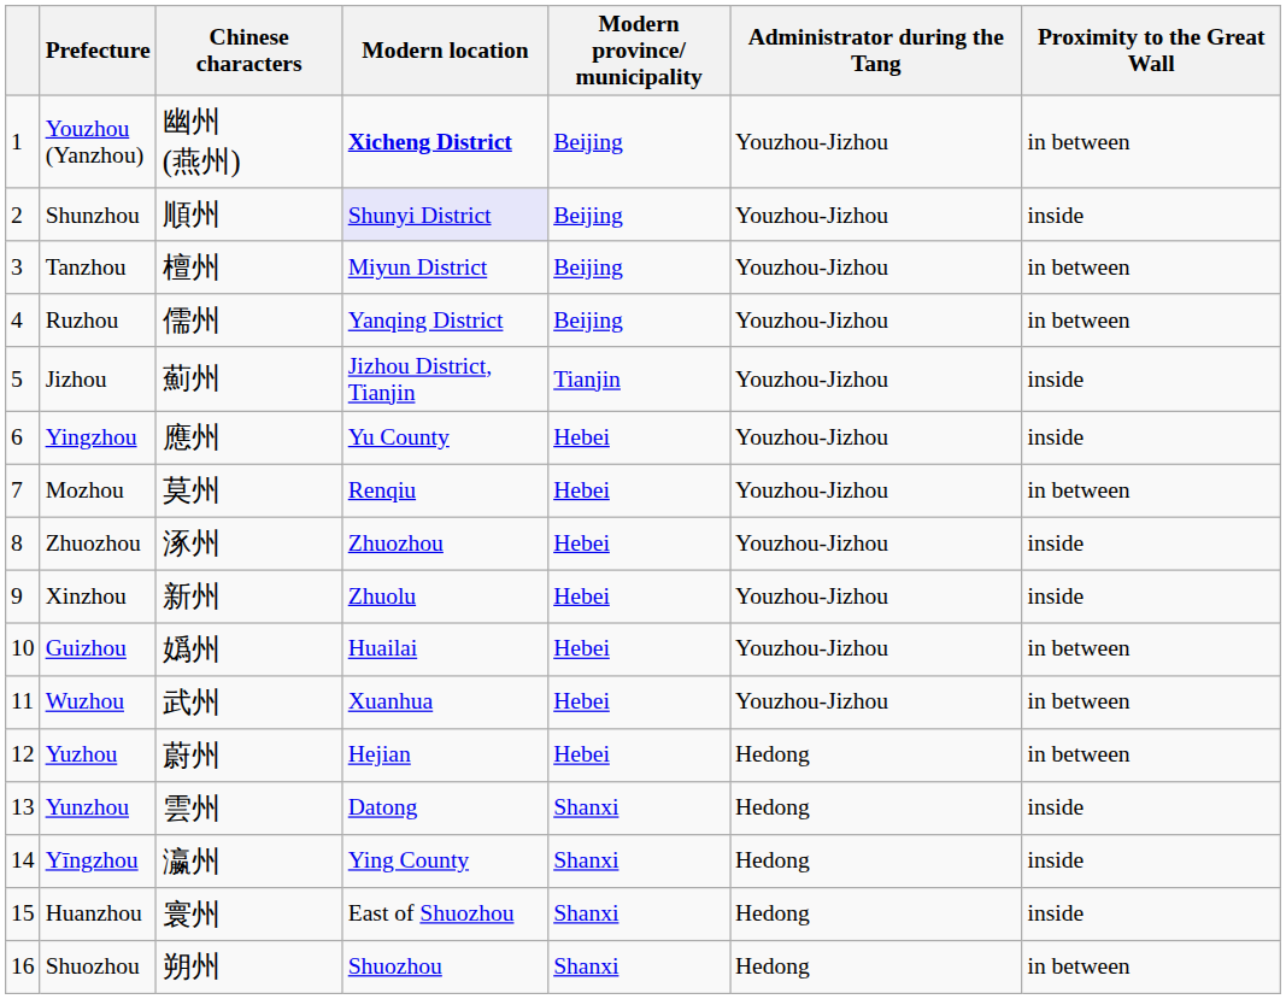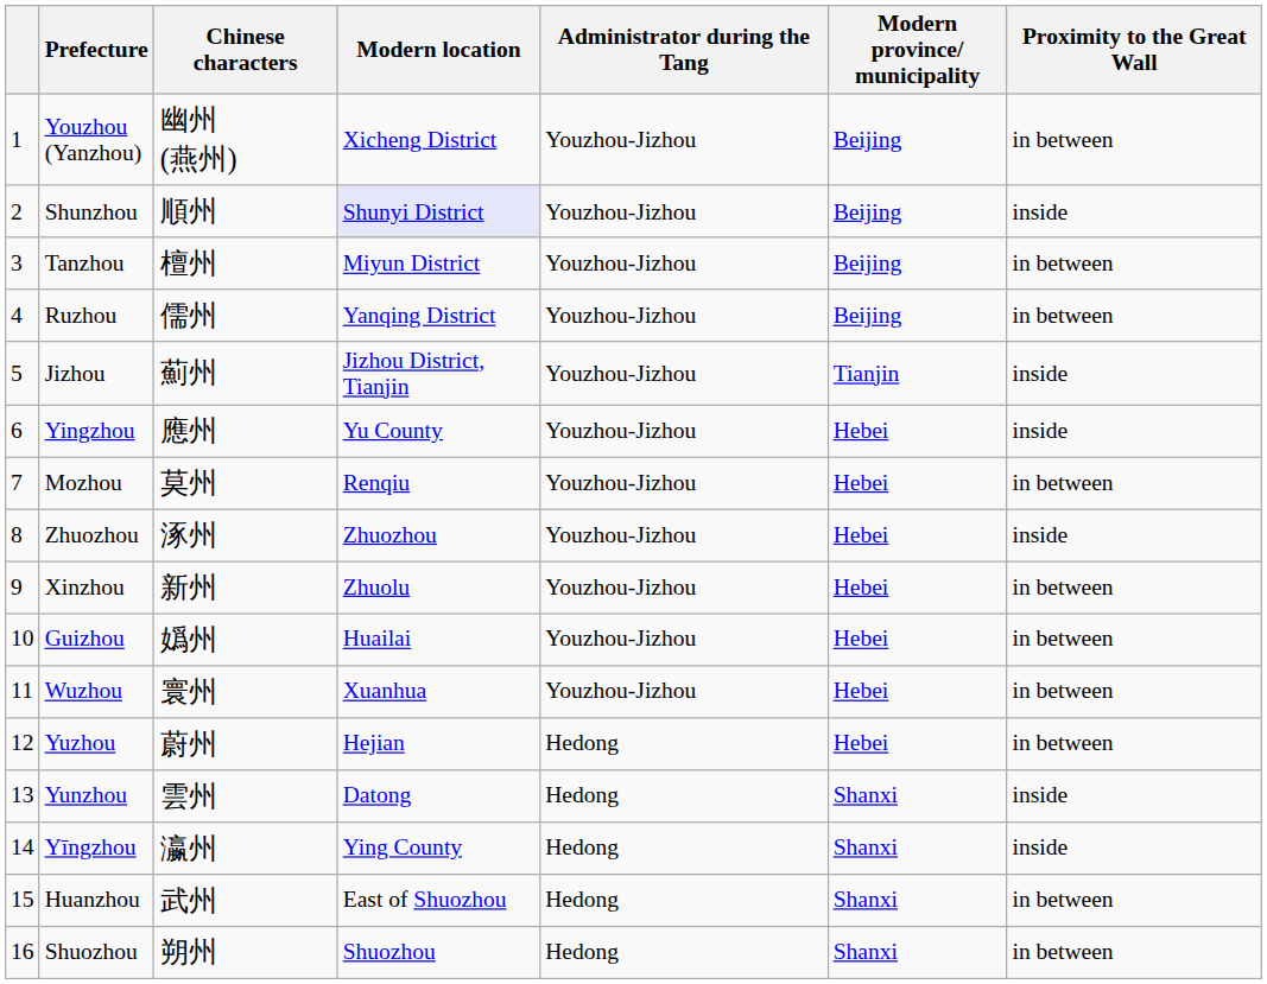 <table class="wikitable sortable" style="cell-padding:1.5;">
 <tr>
 <th></th>
 <th data-sort-type="text">Prefecture</th>
 <th>Chinese characters</th>
 <th>Modern location</th>
+<th>Administrator during the Tang</th>
 <th>Modern province/<br>municipality</th>
-<th>Administrator during the Tang</th>
 <th>Proximity to the Great Wall</th>
 </tr>
 <tr>
 <td>1</td>
 <td><a href='#'>Youzhou</a><br>(Yanzhou)</td>
 <td style="font-size:125%">幽州<br>(燕州)</td>
-<td><strong><a href='#'>Xicheng District</a></strong></td>
+<td><a href='#'>Xicheng District</a></td>
+<td>Youzhou-Jizhou</td>
 <td><a href='#'>Beijing</a></td>
-<td>Youzhou-Jizhou</td>
 <td>in between</td>
 </tr>
 <tr>
 <td>2</td>
 <td>Shunzhou</td>
 <td style="font-size:125%">順州</td>
 <td style="background: lavender;"><a href='#'>Shunyi District</a></td>
+<td>Youzhou-Jizhou</td>
 <td><a href='#'>Beijing</a></td>
-<td>Youzhou-Jizhou</td>
 <td>inside</td>
 </tr>
 <tr>
 <td>3</td>
 <td>Tanzhou</td>
 <td style="font-size:125%">檀州</td>
 <td><a href='#'>Miyun District</a></td>
+<td>Youzhou-Jizhou</td>
 <td><a href='#'>Beijing</a></td>
-<td>Youzhou-Jizhou</td>
 <td>in between</td>
 </tr>
 <tr>
 <td>4</td>
 <td>Ruzhou</td>
 <td style="font-size:125%">儒州</td>
 <td><a href='#'>Yanqing District</a></td>
+<td>Youzhou-Jizhou</td>
 <td><a href='#'>Beijing</a></td>
-<td>Youzhou-Jizhou</td>
 <td>in between</td>
 </tr>
 <tr>
 <td>5</td>
 <td>Jizhou</td>
 <td style="font-size:125%">薊州</td>
 <td><a href='#'>Jizhou District, Tianjin</a></td>
+<td>Youzhou-Jizhou</td>
 <td><a href='#'>Tianjin</a></td>
-<td>Youzhou-Jizhou</td>
 <td>inside</td>
 </tr>
 <tr>
 <td>6</td>
 <td><a href='#'>Yingzhou</a></td>
 <td style="font-size:125%">應州</td>
 <td><a href='#'>Yu County</a></td>
+<td>Youzhou-Jizhou</td>
 <td><a href='#'>Hebei</a></td>
-<td>Youzhou-Jizhou</td>
 <td>inside</td>
 </tr>
 <tr>
 <td>7</td>
 <td>Mozhou</td>
 <td style="font-size:125%">莫州</td>
 <td><a href='#'>Renqiu</a></td>
+<td>Youzhou-Jizhou</td>
 <td><a href='#'>Hebei</a></td>
-<td>Youzhou-Jizhou</td>
 <td>in between</td>
 </tr>
 <tr>
 <td>8</td>
 <td>Zhuozhou</td>
 <td style="font-size:125%">涿州</td>
 <td><a href='#'>Zhuozhou</a></td>
+<td>Youzhou-Jizhou</td>
 <td><a href='#'>Hebei</a></td>
-<td>Youzhou-Jizhou</td>
 <td>inside</td>
 </tr>
 <tr>
 <td>9</td>
 <td>Xinzhou</td>
 <td style="font-size:125%">新州</td>
 <td><a href='#'>Zhuolu</a></td>
+<td>Youzhou-Jizhou</td>
 <td><a href='#'>Hebei</a></td>
-<td>Youzhou-Jizhou</td>
-<td>inside</td>
+<td>in between</td>
 </tr>
 <tr>
 <td>10</td>
 <td><a href='#'>Guizhou</a></td>
 <td style="font-size:125%">嬀州</td>
 <td><a href='#'>Huailai</a></td>
+<td>Youzhou-Jizhou</td>
 <td><a href='#'>Hebei</a></td>
-<td>Youzhou-Jizhou</td>
 <td>in between</td>
 </tr>
 <tr>
 <td>11</td>
 <td><a href='#'>Wuzhou</a></td>
-<td style="font-size:125%">武州</td>
+<td style="font-size:125%">寰州</td>
 <td><a href='#'>Xuanhua</a></td>
+<td>Youzhou-Jizhou</td>
 <td><a href='#'>Hebei</a></td>
-<td>Youzhou-Jizhou</td>
 <td>in between</td>
 </tr>
 <tr>
 <td>12</td>
 <td><a href='#'>Yuzhou</a></td>
 <td style="font-size:125%">蔚州</td>
 <td><a href='#'>Hejian</a></td>
+<td>Hedong</td>
 <td><a href='#'>Hebei</a></td>
-<td>Hedong</td>
 <td>in between</td>
 </tr>
 <tr>
 <td>13</td>
 <td><a href='#'>Yunzhou</a></td>
 <td style="font-size:125%">雲州</td>
 <td><a href='#'>Datong</a></td>
+<td>Hedong</td>
 <td><a href='#'>Shanxi</a></td>
-<td>Hedong</td>
 <td>inside</td>
 </tr>
 <tr>
 <td>14</td>
 <td><a href='#'>Yīngzhou</a></td>
 <td style="font-size:125%">瀛州</td>
 <td><a href='#'>Ying County</a></td>
+<td>Hedong</td>
 <td><a href='#'>Shanxi</a></td>
-<td>Hedong</td>
 <td>inside</td>
 </tr>
 <tr>
 <td>15</td>
 <td>Huanzhou</td>
-<td style="font-size:125%">寰州</td>
+<td style="font-size:125%">武州</td>
 <td>East of <a href='#'>Shuozhou</a></td>
+<td>Hedong</td>
 <td><a href='#'>Shanxi</a></td>
-<td>Hedong</td>
-<td>inside</td>
+<td>in between</td>
 </tr>
 <tr>
 <td>16</td>
 <td>Shuozhou</td>
 <td style="font-size:125%">朔州</td>
 <td><a href='#'>Shuozhou</a></td>
+<td>Hedong</td>
 <td><a href='#'>Shanxi</a></td>
-<td>Hedong</td>
 <td>in between</td>
 </tr>
 </table>
